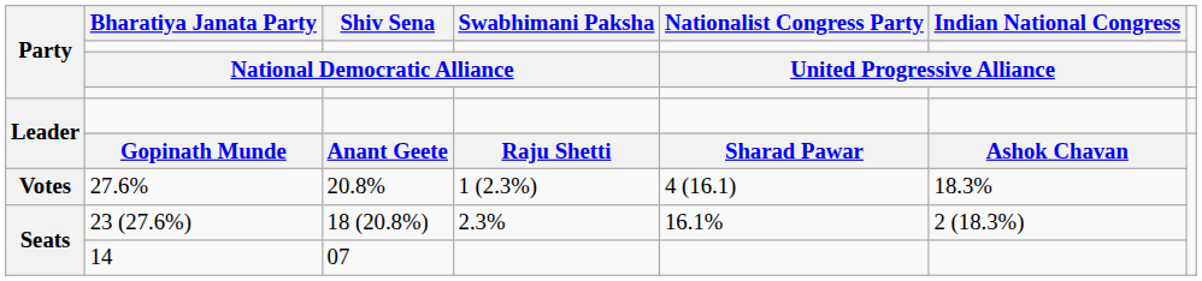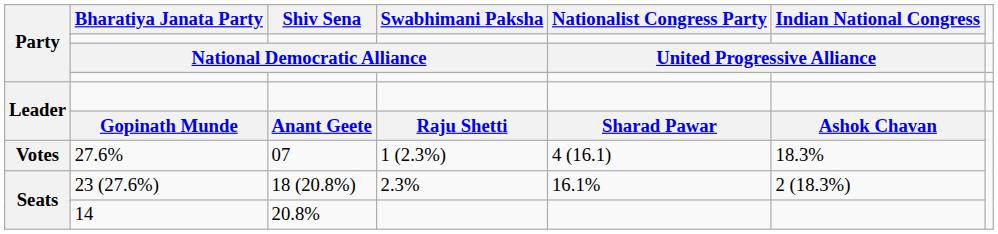 <table class="wikitable">
 <tr>
 <th rowspan="4">Party</th>
 <th><a href='#'>Bharatiya Janata Party</a></th>
 <th><a href='#'>Shiv Sena</a></th>
 <th><a href='#'>Swabhimani Paksha</a></th>
 <th><a href='#'>Nationalist Congress Party</a></th>
 <th><a href='#'>Indian National Congress</a></th>
 </tr>
 <tr>
 <td style="background-color:"></td>
 <td style="background-color: "></td>
 <td style="background-color: "></td>
 <td style="background-color: "></td>
 <td style="background-color: "></td>
 </tr>
 <tr>
 <th colspan="3"><a href='#'>National Democratic Alliance</a></th>
 <th colspan="2"><a href='#'>United Progressive Alliance</a></th>
 <td></td>
 </tr>
 <tr>
 <td></td>
 <td></td>
 <td></td>
 <td></td>
 <td></td>
 </tr>
 <tr>
 <th rowspan="2">Leader</th>
 <td></td>
 <td></td>
 <td></td>
 <td><br></td>
 <td></td>
 <td></td>
 </tr>
 <tr>
 <th><a href='#'>Gopinath Munde</a></th>
 <th><a href='#'>Anant Geete</a></th>
 <th><a href='#'>Raju Shetti</a></th>
 <th><a href='#'>Sharad Pawar</a></th>
 <th><a href='#'>Ashok Chavan</a></th>
 </tr>
 <tr>
 <th>Votes</th>
 <td>27.6%</td>
-<td>20.8%</td>
+<td> 07</td>
 <td>1 (2.3%)</td>
 <td>4 (16.1)</td>
 <td>18.3%</td>
 </tr>
 <tr>
 <th rowspan="2">Seats</th>
 <td>23 (27.6%)</td>
 <td>18 (20.8%)</td>
 <td>2.3%</td>
 <td>16.1%</td>
 <td>2 (18.3%)</td>
 </tr>
 <tr>
 <td>  14</td>
-<td> 07</td>
+<td>20.8%</td>
 <td></td>
 <td></td>
 <td></td>
 </tr>
 </table>
